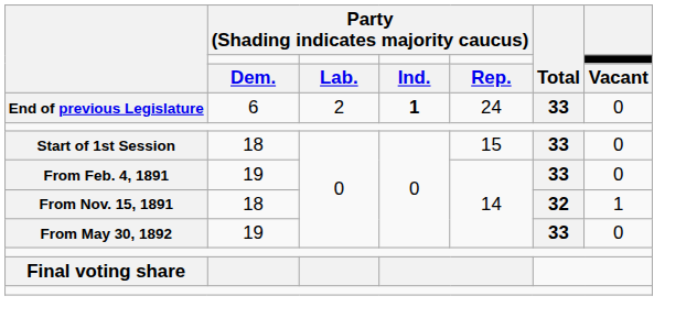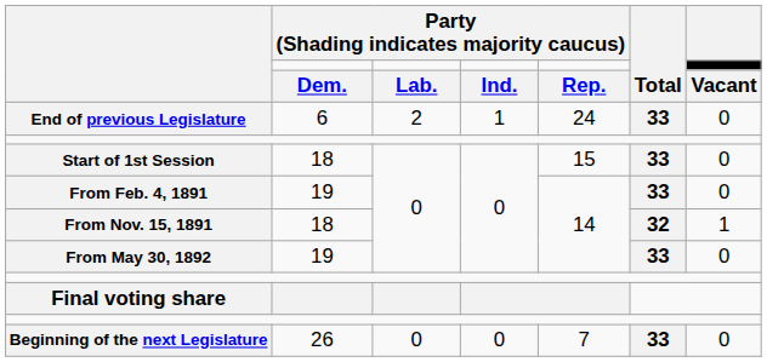 <table class=wikitable style="text-align:center">
 <tr style="vertical-align:bottom;">
 <th rowspan=3></th>
 <th colspan=4>Party <div>(Shading indicates majority caucus)</div></th>
 <th rowspan=3>Total</th>
 <th></th>
 </tr>
 <tr style="height:5px">
 <td style="background-color:"></td>
 <td style="background-color:"></td>
 <td style="background-color:"></td>
 <td style="background-color:"></td>
 <td style="background:black;"></td>
 </tr>
 <tr>
 <th><a href='#'>Dem.</a></th>
 <th><a href='#'>Lab.</a></th>
 <th><a href='#'>Ind.</a></th>
 <th><a href='#'>Rep.</a></th>
 <th>Vacant</th>
 </tr>
 <tr>
 <th style="font-size:80%;">End of <a href='#'>previous Legislature</a></th>
 <td>6</td>
 <td>2</td>
-<td><strong>1</strong></td>
+<td>1</td>
 <td>24</td>
 <th>33</th>
 <td>0</td>
 </tr>
 <tr>
 <td colspan=7></td>
 </tr>
 <tr>
 <th style="font-size:80%;">Start of 1st Session</th>
 <td>18</td>
 <td rowspan="4">0</td>
 <td rowspan="4">0</td>
 <td>15</td>
 <th>33</th>
 <td>0</td>
 </tr>
 <tr>
 <th style="font-size:80%;">From Feb. 4, 1891</th>
 <td>19</td>
 <td rowspan="3">14</td>
 <th>33</th>
 <td>0</td>
 </tr>
 <tr>
 <th style="font-size:80%;">From Nov. 15, 1891</th>
 <td>18</td>
 <th>32</th>
 <td>1</td>
 </tr>
 <tr>
 <th style="font-size:80%;">From May 30, 1892</th>
 <td>19</td>
 <th>33</th>
 <td>0</td>
 </tr>
 <tr>
 <td colspan=7></td>
 </tr>
 <tr>
 <th>Final voting share</th>
 <th></th>
 <th></th>
 <th colspan=2></th>
 </tr>
 <tr>
 <td colspan=7></td>
 </tr>
+<tr>
+<th style="font-size:80%;">Beginning of the <a href='#'>next Legislature</a></th>
+<td>26</td>
+<td>0</td>
+<td>0</td>
+<td>7</td>
+<th>33</th>
+<td>0</td>
+</tr>
 </table>
